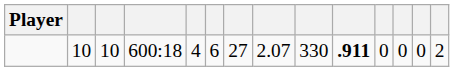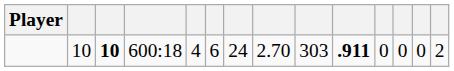 <table class="wikitable sortable" style="text-align:center;">
 <tr>
 <th>Player</th>
 <th></th>
 <th></th>
 <th></th>
 <th></th>
 <th></th>
 <th></th>
 <th></th>
 <th></th>
 <th></th>
 <th></th>
 <th></th>
 <th></th>
 <th></th>
 </tr>
 <tr>
 <td></td>
 <td>10</td>
-<td>10</td>
+<td><strong>10</strong></td>
 <td>600:18</td>
 <td>4</td>
 <td>6</td>
-<td>27</td>
-<td>2.07</td>
-<td>330</td>
+<td>24</td>
+<td>2.70</td>
+<td>303</td>
 <td><strong>.911</strong></td>
 <td>0</td>
 <td>0</td>
 <td>0</td>
 <td>2</td>
 </tr>
 </table>
